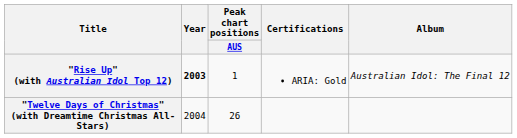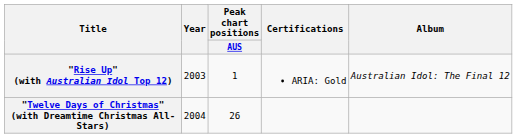 <table class="wikitable plainrowheaders" style="text-align:center;" border="1">
 <tr>
 <th scope="col" rowspan="2" style="width:19em;">Title</th>
 <th scope="col" rowspan="2" style="width:1em;">Year</th>
 <th scope="col" colspan="1">Peak chart positions</th>
 <th scope="col" rowspan="2">Certifications</th>
 <th scope="col" rowspan="2">Album</th>
 </tr>
 <tr>
 <th scope="col" style="width:3em;font-size:90%;"><a href='#'>AUS</a><br></th>
 </tr>
 <tr>
 <th scope="row">"<a href='#'>Rise Up</a>"<br><span>(with <a href='#'><em>Australian Idol</em> Top 12</a>)</span></th>
-<td><strong>2003</strong></td>
+<td>2003</td>
 <td>1</td>
 <td><br><ul><li>ARIA: Gold</li></ul></td>
 <td><em>Australian Idol: The Final 12</em></td>
 </tr>
 <tr>
 <th scope="row">"<a href='#'>Twelve Days of Christmas</a>"<br><span>(with Dreamtime Christmas All-Stars)</span></th>
 <td>2004</td>
 <td>26</td>
 <td></td>
 <td></td>
 </tr>
 </table>
